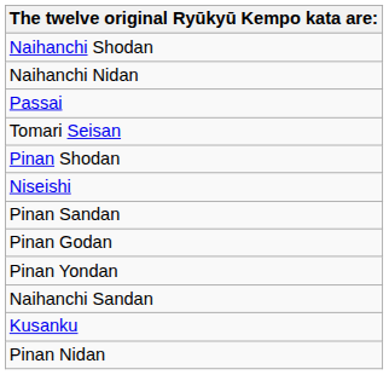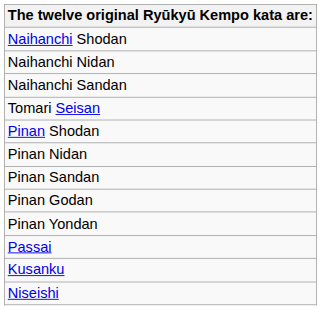 <table class="wikitable">
 <tr>
 <th>The twelve original Ryūkyū Kempo kata are:</th>
 </tr>
 <tr>
 <td><a href='#'>Naihanchi</a> Shodan</td>
 </tr>
 <tr>
 <td>Naihanchi Nidan</td>
 </tr>
 <tr>
-<td><a href='#'>Passai</a></td>
+<td>Naihanchi Sandan</td>
 </tr>
 <tr>
 <td>Tomari <a href='#'>Seisan</a></td>
 </tr>
 <tr>
 <td><a href='#'>Pinan</a> Shodan</td>
 </tr>
 <tr>
-<td><a href='#'>Niseishi</a></td>
+<td>Pinan Nidan</td>
 </tr>
 <tr>
 <td>Pinan Sandan</td>
 </tr>
 <tr>
 <td>Pinan Godan</td>
 </tr>
 <tr>
 <td>Pinan Yondan</td>
 </tr>
 <tr>
-<td>Naihanchi Sandan</td>
+<td><a href='#'>Passai</a></td>
 </tr>
 <tr>
 <td><a href='#'>Kusanku</a></td>
 </tr>
 <tr>
-<td>Pinan Nidan</td>
+<td><a href='#'>Niseishi</a></td>
 </tr>
 </table>
